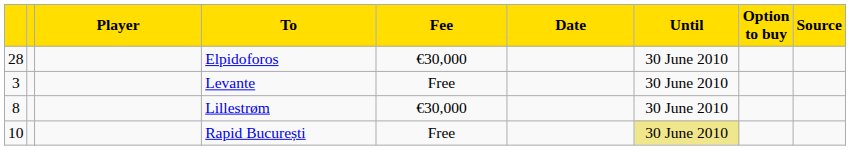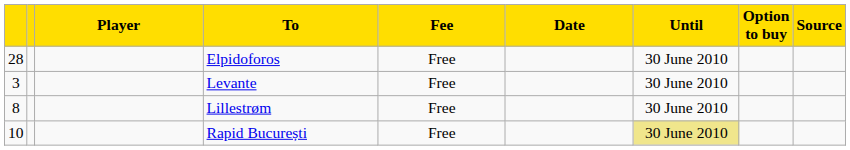 <table class="wikitable sortable">
 <tr>
 <th style="background:#FFDE00"></th>
 <th style="background:#FFDE00"></th>
 <th width=200 style="background:#FFDE00">Player</th>
 <th width=200 style="background:#FFDE00">To</th>
 <th width=150 style="background:#FFDE00">Fee</th>
 <th width=150 style="background:#FFDE00">Date</th>
 <th width=120 style="background:#FFDE00">Until</th>
 <th style="background:#FFDE00">Option to buy</th>
 <th style="background:#FFDE00">Source</th>
 </tr>
 <tr>
 <td align=center>28</td>
 <td align=center></td>
 <td></td>
 <td> <a href='#'>Elpidoforos</a></td>
-<td align=center>€30,000</td>
+<td align=center>Free</td>
 <td align=center></td>
 <td align=center>30 June 2010</td>
 <td align=center></td>
 <td align=center></td>
 </tr>
 <tr>
 <td align=center>3</td>
 <td align=center></td>
 <td></td>
 <td> <a href='#'>Levante</a></td>
 <td align=center>Free</td>
 <td align=center></td>
 <td align=center>30 June 2010</td>
 <td align=center></td>
 <td align=center></td>
 </tr>
 <tr>
 <td align=center>8</td>
 <td align=center></td>
 <td></td>
 <td> <a href='#'>Lillestrøm</a></td>
-<td align=center>€30,000</td>
+<td align=center>Free</td>
 <td align=center></td>
 <td align=center>30 June 2010</td>
 <td align=center></td>
 <td align=center></td>
 </tr>
 <tr>
 <td align=center>10</td>
 <td align=center></td>
 <td></td>
 <td> <a href='#'>Rapid București</a></td>
 <td align=center>Free</td>
 <td align=center></td>
 <td align=center style="background: khaki;">30 June 2010</td>
 <td align=center></td>
 <td align=center></td>
 </tr>
 </table>
